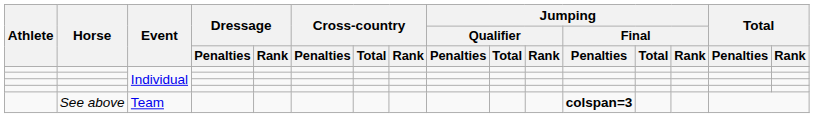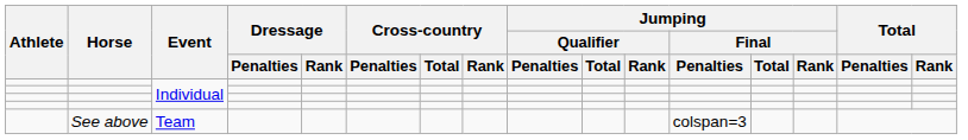 <table class=wikitable style=font-size:90%;text-align:center>
 <tr>
 <th rowspan=3>Athlete</th>
 <th rowspan=3>Horse</th>
 <th rowspan=3>Event</th>
 <th rowspan=2 colspan=2>Dressage</th>
 <th rowspan=2 colspan=3>Cross-country</th>
 <th colspan=6>Jumping</th>
 <th rowspan=2 colspan=2>Total</th>
 </tr>
 <tr style=font-size:95%>
 <th colspan=3>Qualifier</th>
 <th colspan=3>Final</th>
 </tr>
 <tr style=font-size:95%>
 <th>Penalties</th>
 <th>Rank</th>
 <th>Penalties</th>
 <th>Total</th>
 <th>Rank</th>
 <th>Penalties</th>
 <th>Total</th>
 <th>Rank</th>
 <th>Penalties</th>
 <th>Total</th>
 <th>Rank</th>
 <th>Penalties</th>
 <th>Rank</th>
 </tr>
 <tr>
 <td align=left></td>
 <td align=left></td>
 <td align=left rowspan=4><a href='#'>Individual</a></td>
 <td></td>
 <td></td>
 <td></td>
 <td></td>
 <td></td>
 <td></td>
 <td></td>
 <td></td>
 <td></td>
 <td></td>
 <td></td>
 <td></td>
 <td></td>
 </tr>
 <tr>
 <td align=left></td>
 <td align=left></td>
 <td></td>
 <td></td>
 <td></td>
 <td></td>
 <td></td>
 <td></td>
 <td></td>
 <td></td>
 <td></td>
 <td></td>
 <td></td>
 <td></td>
 <td></td>
 </tr>
 <tr>
 <td align=left></td>
 <td align=left></td>
 <td></td>
 <td></td>
 <td></td>
 <td></td>
 <td></td>
 <td></td>
 <td></td>
 <td></td>
 <td></td>
 <td></td>
 <td></td>
 <td></td>
 <td></td>
 </tr>
 <tr>
 <td align=left></td>
 <td align=left></td>
 <td></td>
 <td></td>
 <td></td>
 <td></td>
 <td></td>
 <td></td>
 <td></td>
 <td></td>
 <td></td>
 <td></td>
 <td></td>
 <td></td>
 <td></td>
 </tr>
 <tr>
 <td align=left></td>
 <td align=left><em>See above</em></td>
 <td align=left><a href='#'>Team</a></td>
 <td></td>
 <td></td>
 <td></td>
 <td></td>
 <td></td>
 <td></td>
 <td></td>
 <td></td>
-<td><strong>colspan=3 </strong></td>
+<td>colspan=3 </td>
 <td></td>
 <td></td>
 </tr>
 </table>
